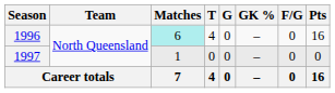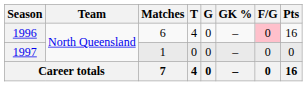 <table class="wikitable sortable"  style="text-align:center;">
 <tr>
 <th>Season</th>
 <th>Team</th>
 <th>Matches</th>
 <th>T</th>
 <th>G</th>
 <th>GK %</th>
 <th>F/G</th>
 <th>Pts</th>
 </tr>
 <tr>
 <th scope="row" style="text-align:center; font-weight:normal"><a href='#'>1996</a></th>
 <td rowspan=2 align=left> <a href='#'>North Queensland</a></td>
-<td style="background: paleturquoise;">6</td>
+<td>6</td>
 <td>4</td>
 <td>0</td>
 <td>–</td>
-<td>0</td>
+<td style="background: pink;">0</td>
 <td>16</td>
 </tr>
 <tr style="background:#eaeaea;">
 <th scope="row" style="text-align:center; font-weight:normal"><a href='#'>1997</a></th>
 <td>1</td>
 <td>0</td>
 <td>0</td>
 <td>–</td>
 <td>0</td>
 <td>0</td>
 </tr>
 <tr class="sortbottom">
 <th colspan=2>Career totals</th>
 <th>7</th>
 <th>4</th>
 <th>0</th>
 <th>–</th>
 <th>0</th>
 <th>16</th>
 </tr>
 </table>
